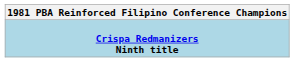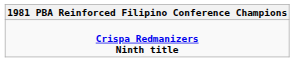 <table class=wikitable style="text-align:center; margin:auto">
 <tr>
 <th>1981 PBA Reinforced Filipino Conference Champions</th>
 </tr>
 <tr>
-<td style="background: lightblue;"><br> <strong><a href='#'>Crispa Redmanizers</a></strong> <br> <strong>Ninth title</strong></td>
+<td><br> <strong><a href='#'>Crispa Redmanizers</a></strong> <br> <strong>Ninth title</strong></td>
 </tr>
 </table>
